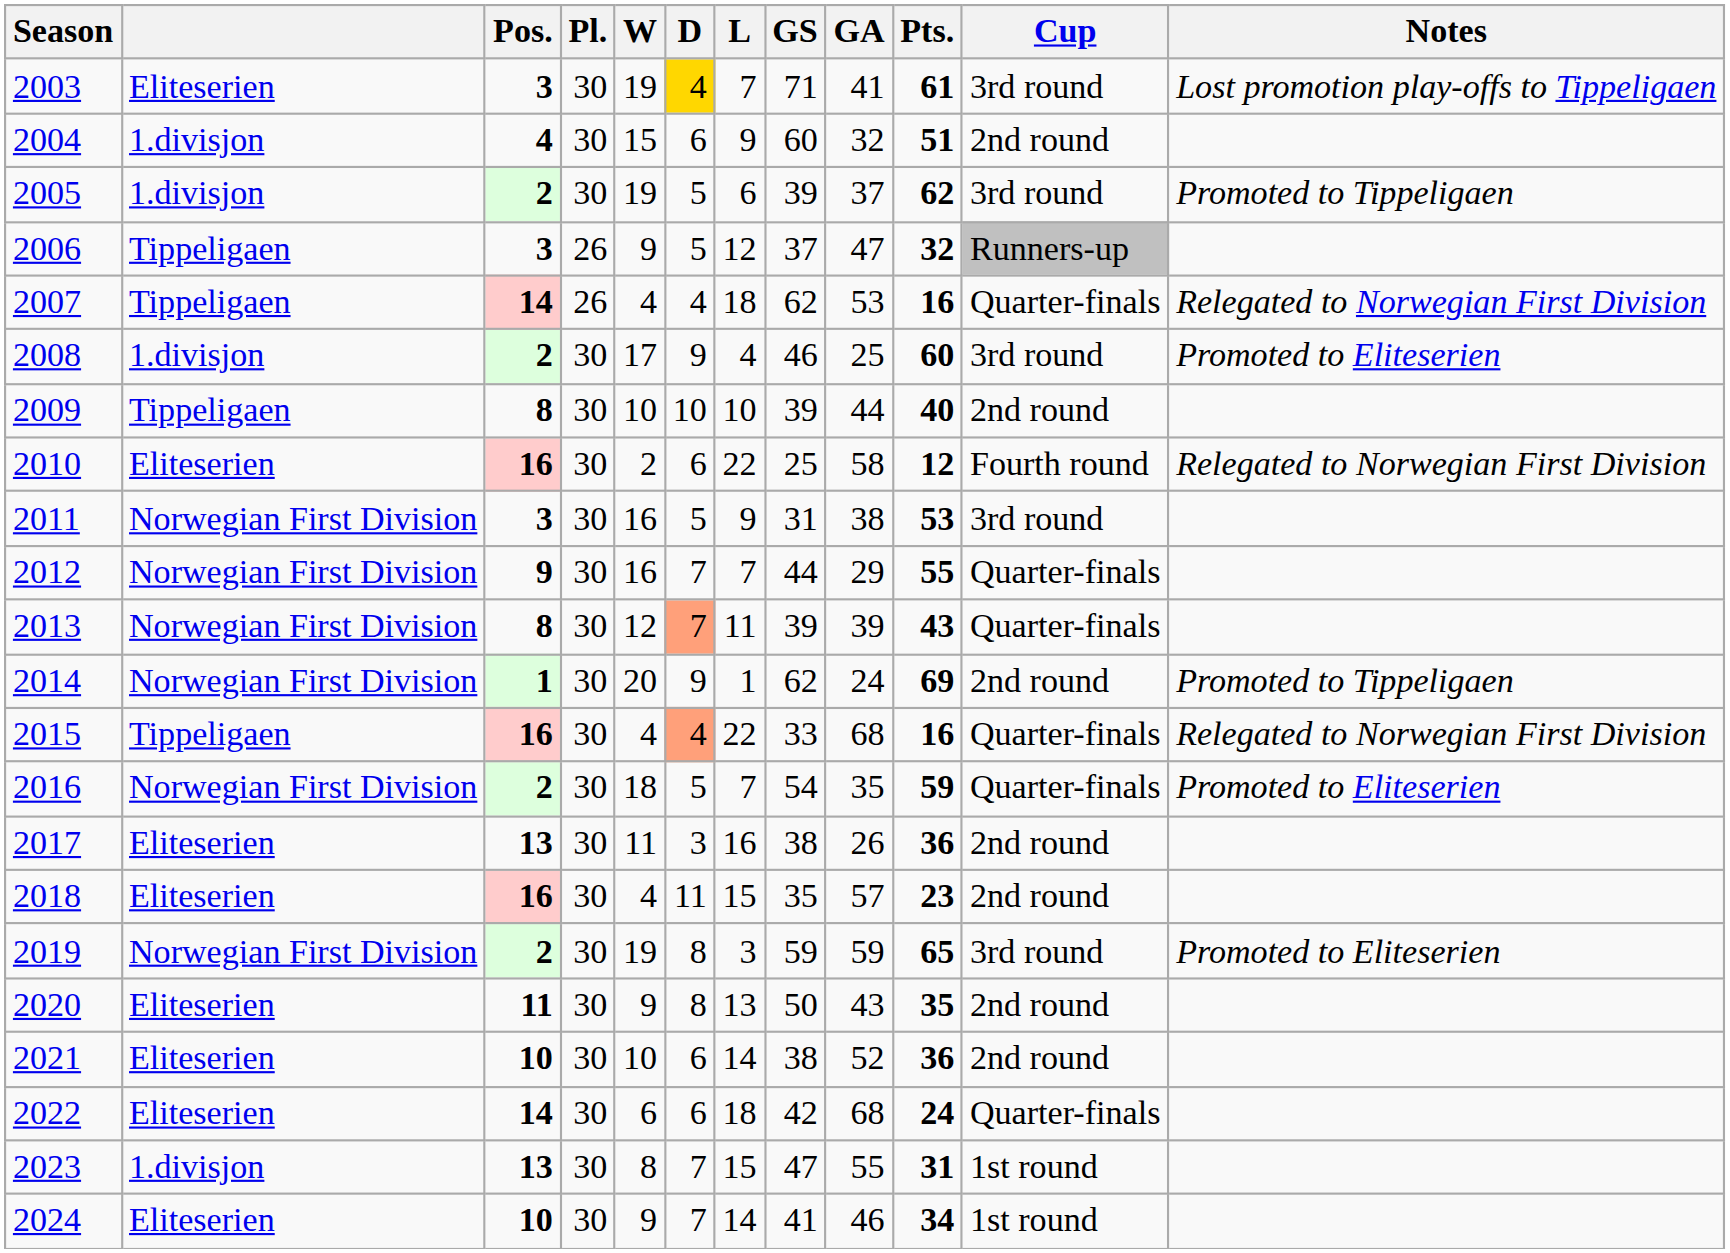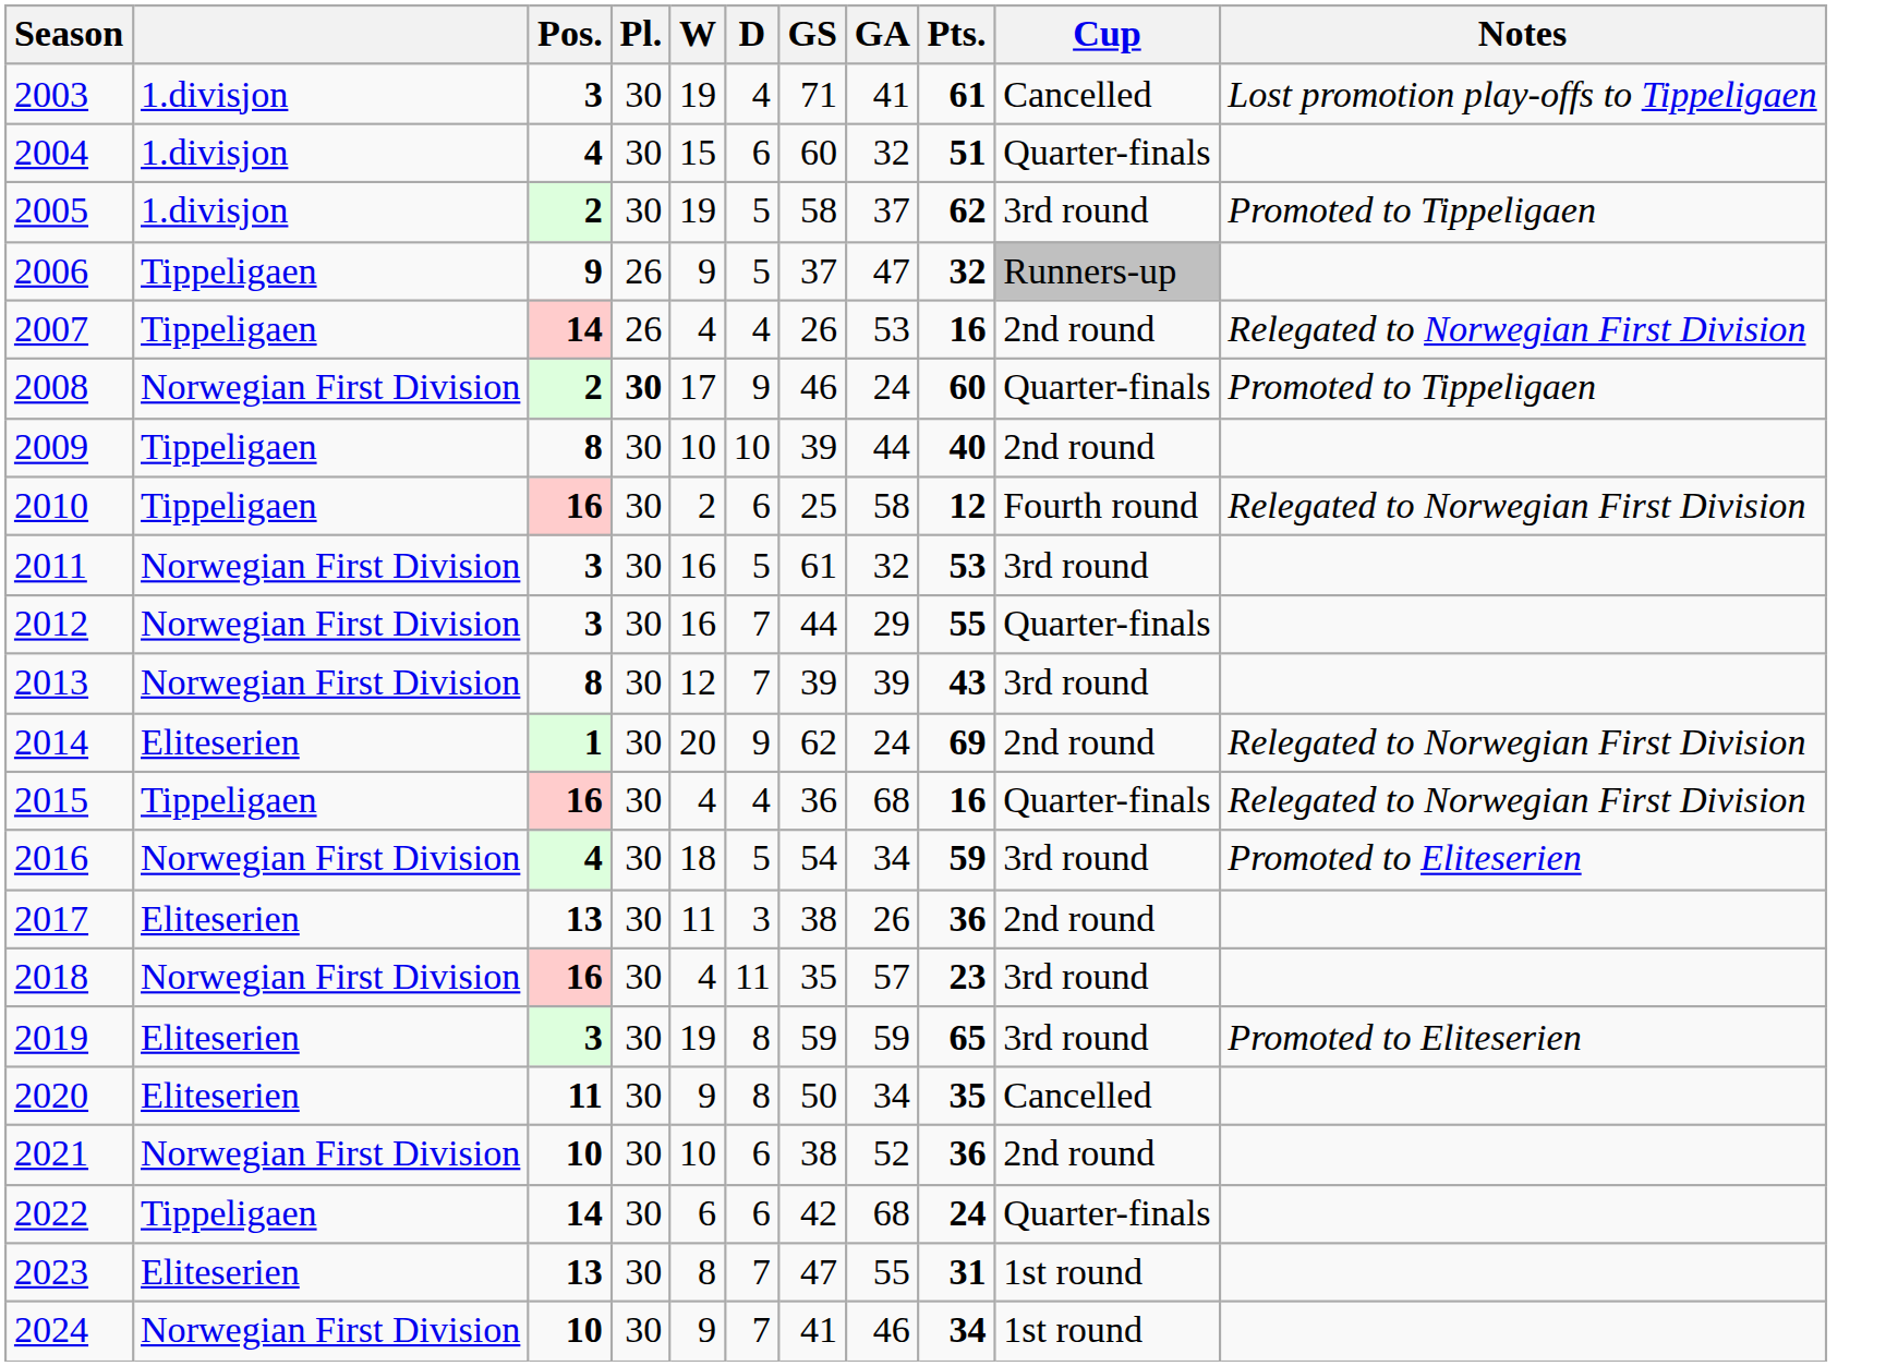 <table class="wikitable">
 <tr>
 <th>Season</th>
 <th></th>
 <th>Pos.</th>
 <th>Pl.</th>
 <th>W</th>
 <th>D</th>
-<th>L</th>
 <th>GS</th>
 <th>GA</th>
 <th>Pts.</th>
 <th><a href='#'>Cup</a></th>
 <th>Notes</th>
 </tr>
 <tr>
 <td><a href='#'>2003</a></td>
-<td><a href='#'>Eliteserien</a></td>
+<td><a href='#'>1.divisjon</a></td>
 <td align=right><strong>3</strong></td>
 <td align=right>30</td>
 <td align=right>19</td>
-<td align=right style="background: gold;">4</td>
-<td align=right>7</td>
+<td align=right>4</td>
 <td align=right>71</td>
 <td align=right>41</td>
 <td align=right><strong>61</strong></td>
-<td>3rd round</td>
+<td>Cancelled</td>
 <td><em>Lost promotion play-offs to <a href='#'>Tippeligaen</a></em></td>
 </tr>
 <tr>
 <td><a href='#'>2004</a></td>
 <td><a href='#'>1.divisjon</a></td>
 <td align=right><strong>4</strong></td>
 <td align=right>30</td>
 <td align=right>15</td>
 <td align=right>6</td>
-<td align=right>9</td>
 <td align=right>60</td>
 <td align=right>32</td>
 <td align=right><strong>51</strong></td>
-<td>2nd round</td>
+<td>Quarter-finals</td>
 <td></td>
 </tr>
 <tr>
 <td><a href='#'>2005</a></td>
 <td><a href='#'>1.divisjon</a></td>
 <td align=right bgcolor=#DDFFDD> <strong>2</strong></td>
 <td align=right>30</td>
 <td align=right>19</td>
 <td align=right>5</td>
-<td align=right>6</td>
-<td align=right>39</td>
+<td align=right>58</td>
 <td align=right>37</td>
 <td align=right><strong>62</strong></td>
 <td>3rd round</td>
 <td><em>Promoted to Tippeligaen</em></td>
 </tr>
 <tr>
 <td><a href='#'>2006</a></td>
 <td><a href='#'>Tippeligaen</a></td>
-<td align=right><strong>3</strong></td>
+<td align=right><strong>9</strong></td>
 <td align=right>26</td>
 <td align=right>9</td>
 <td align=right>5</td>
-<td align=right>12</td>
 <td align=right>37</td>
 <td align=right>47</td>
 <td align=right><strong>32</strong></td>
 <td bgcolor=silver>Runners-up</td>
 <td></td>
 </tr>
 <tr>
 <td><a href='#'>2007</a></td>
 <td><a href='#'>Tippeligaen</a></td>
 <td align=right bgcolor="#FFCCCC"> <strong>14</strong></td>
 <td align=right>26</td>
 <td align=right>4</td>
 <td align=right>4</td>
-<td align=right>18</td>
-<td align=right>62</td>
+<td align=right>26</td>
 <td align=right>53</td>
 <td align=right><strong>16</strong></td>
-<td>Quarter-finals</td>
+<td>2nd round</td>
 <td><em>Relegated to <a href='#'>Norwegian First Division</a></em></td>
 </tr>
 <tr>
 <td><a href='#'>2008</a></td>
-<td><a href='#'>1.divisjon</a></td>
+<td><a href='#'>Norwegian First Division</a></td>
 <td align=right bgcolor=#DDFFDD> <strong>2</strong></td>
-<td align=right>30</td>
+<td align=right><strong>30</strong></td>
 <td align=right>17</td>
 <td align=right>9</td>
-<td align=right>4</td>
 <td align=right>46</td>
-<td align=right>25</td>
+<td align=right>24</td>
 <td align=right><strong>60</strong></td>
-<td>3rd round</td>
-<td><em>Promoted to <a href='#'>Eliteserien</a></em></td>
+<td>Quarter-finals</td>
+<td><em>Promoted to Tippeligaen</em></td>
 </tr>
 <tr>
 <td><a href='#'>2009</a></td>
 <td><a href='#'>Tippeligaen</a></td>
 <td align=right><strong>8</strong></td>
 <td align=right>30</td>
-<td align=right>10</td>
 <td align=right>10</td>
 <td align=right>10</td>
 <td align=right>39</td>
 <td align=right>44</td>
 <td align=right><strong>40</strong></td>
 <td>2nd round</td>
 <td></td>
 </tr>
 <tr>
 <td><a href='#'>2010</a></td>
-<td><a href='#'>Eliteserien</a></td>
+<td><a href='#'>Tippeligaen</a></td>
 <td align=right bgcolor="#FFCCCC"> <strong>16</strong></td>
 <td align=right>30</td>
 <td align=right>2</td>
 <td align=right>6</td>
-<td align=right>22</td>
 <td align=right>25</td>
 <td align=right>58</td>
 <td align=right><strong>12</strong></td>
 <td>Fourth round</td>
 <td><em>Relegated to Norwegian First Division</em></td>
 </tr>
 <tr>
 <td><a href='#'>2011</a></td>
 <td><a href='#'>Norwegian First Division</a></td>
 <td align=right><strong>3</strong></td>
 <td align=right>30</td>
 <td align=right>16</td>
 <td align=right>5</td>
-<td align=right>9</td>
-<td align=right>31</td>
-<td align=right>38</td>
+<td align=right>61</td>
+<td align=right>32</td>
 <td align=right><strong>53</strong></td>
 <td>3rd round</td>
 <td></td>
 </tr>
 <tr>
 <td><a href='#'>2012</a></td>
 <td><a href='#'>Norwegian First Division</a></td>
-<td align=right><strong>9</strong></td>
+<td align=right><strong>3</strong></td>
 <td align=right>30</td>
 <td align=right>16</td>
-<td align=right>7</td>
 <td align=right>7</td>
 <td align=right>44</td>
 <td align=right>29</td>
 <td align=right><strong>55</strong></td>
 <td>Quarter-finals</td>
 <td></td>
 </tr>
 <tr>
 <td><a href='#'>2013</a></td>
 <td><a href='#'>Norwegian First Division</a></td>
 <td align=right><strong>8</strong></td>
 <td align=right>30</td>
 <td align=right>12</td>
-<td align=right style="background: lightsalmon;">7</td>
-<td align=right>11</td>
+<td align=right>7</td>
 <td align=right>39</td>
 <td align=right>39</td>
 <td align=right><strong>43</strong></td>
-<td>Quarter-finals</td>
+<td>3rd round</td>
 <td></td>
 </tr>
 <tr>
 <td><a href='#'>2014</a></td>
-<td><a href='#'>Norwegian First Division</a></td>
+<td><a href='#'>Eliteserien</a></td>
 <td align=right bgcolor=#DDFFDD> <strong>1</strong></td>
 <td align=right>30</td>
 <td align=right>20</td>
 <td align=right>9</td>
-<td align=right>1</td>
 <td align=right>62</td>
 <td align=right>24</td>
 <td align=right><strong>69</strong></td>
 <td>2nd round</td>
-<td><em>Promoted to Tippeligaen</em></td>
+<td><em>Relegated to Norwegian First Division</em></td>
 </tr>
 <tr>
 <td><a href='#'>2015</a></td>
 <td><a href='#'>Tippeligaen</a></td>
 <td align=right bgcolor="#FFCCCC"> <strong>16</strong></td>
 <td align=right>30</td>
 <td align=right>4</td>
-<td align=right style="background: lightsalmon;">4</td>
-<td align=right>22</td>
-<td align=right>33</td>
+<td align=right>4</td>
+<td align=right>36</td>
 <td align=right>68</td>
 <td align=right><strong>16</strong></td>
 <td>Quarter-finals</td>
 <td><em>Relegated to Norwegian First Division</em></td>
 </tr>
 <tr>
 <td><a href='#'>2016</a></td>
 <td><a href='#'>Norwegian First Division</a></td>
-<td align=right bgcolor=#DDFFDD> <strong>2</strong></td>
+<td align=right bgcolor=#DDFFDD> <strong>4</strong></td>
 <td align=right>30</td>
 <td align=right>18</td>
 <td align=right>5</td>
-<td align=right>7</td>
 <td align=right>54</td>
-<td align=right>35</td>
+<td align=right>34</td>
 <td align=right><strong>59</strong></td>
-<td>Quarter-finals</td>
+<td>3rd round</td>
 <td><em>Promoted to <a href='#'>Eliteserien</a></em></td>
 </tr>
 <tr>
 <td><a href='#'>2017</a></td>
 <td><a href='#'>Eliteserien</a></td>
 <td align=right><strong>13</strong></td>
 <td align=right>30</td>
 <td align=right>11</td>
 <td align=right>3</td>
-<td align=right>16</td>
 <td align=right>38</td>
 <td align=right>26</td>
 <td align=right><strong>36</strong></td>
 <td>2nd round</td>
 <td></td>
 </tr>
 <tr>
 <td><a href='#'>2018</a></td>
-<td><a href='#'>Eliteserien</a></td>
+<td><a href='#'>Norwegian First Division</a></td>
 <td align=right bgcolor="#FFCCCC"> <strong>16</strong></td>
 <td align=right>30</td>
 <td align=right>4</td>
 <td align=right>11</td>
-<td align=right>15</td>
 <td align=right>35</td>
 <td align=right>57</td>
 <td align=right><strong>23</strong></td>
-<td>2nd round</td>
+<td>3rd round</td>
 <td></td>
 </tr>
 <tr>
 <td><a href='#'>2019</a></td>
-<td><a href='#'>Norwegian First Division</a></td>
-<td align=right bgcolor=#DDFFDD> <strong>2</strong></td>
+<td><a href='#'>Eliteserien</a></td>
+<td align=right bgcolor=#DDFFDD> <strong>3</strong></td>
 <td align=right>30</td>
 <td align=right>19</td>
 <td align=right>8</td>
-<td align=right>3</td>
 <td align=right>59</td>
 <td align=right>59</td>
 <td align=right><strong>65</strong></td>
 <td>3rd round</td>
 <td><em>Promoted to Eliteserien</em></td>
 </tr>
 <tr>
 <td><a href='#'>2020</a></td>
 <td><a href='#'>Eliteserien</a></td>
 <td align=right><strong>11</strong></td>
 <td align=right>30</td>
 <td align=right>9</td>
 <td align=right>8</td>
-<td align=right>13</td>
 <td align=right>50</td>
-<td align=right>43</td>
+<td align=right>34</td>
 <td align=right><strong>35</strong></td>
-<td>2nd round</td>
+<td>Cancelled</td>
 <td></td>
 </tr>
 <tr>
 <td><a href='#'>2021</a></td>
-<td><a href='#'>Eliteserien</a></td>
+<td><a href='#'>Norwegian First Division</a></td>
 <td align=right><strong>10</strong></td>
 <td align=right>30</td>
 <td align=right>10</td>
 <td align=right>6</td>
-<td align=right>14</td>
 <td align=right>38</td>
 <td align=right>52</td>
 <td align=right><strong>36</strong></td>
 <td>2nd round</td>
 <td></td>
 </tr>
 <tr>
 <td><a href='#'>2022</a></td>
-<td><a href='#'>Eliteserien</a></td>
+<td><a href='#'>Tippeligaen</a></td>
 <td align=right><strong>14</strong></td>
 <td align=right>30</td>
 <td align=right>6</td>
 <td align=right>6</td>
-<td align=right>18</td>
 <td align=right>42</td>
 <td align=right>68</td>
 <td align=right><strong>24</strong></td>
 <td>Quarter-finals</td>
 <td></td>
 </tr>
 <tr>
 <td><a href='#'>2023</a></td>
-<td><a href='#'>1.divisjon</a></td>
+<td><a href='#'>Eliteserien</a></td>
 <td align=right><strong>13</strong></td>
 <td align=right>30</td>
 <td align=right>8</td>
 <td align=right>7</td>
-<td align=right>15</td>
 <td align=right>47</td>
 <td align=right>55</td>
 <td align=right><strong>31</strong></td>
 <td>1st round</td>
 <td></td>
 </tr>
 <tr>
 <td><a href='#'>2024</a></td>
-<td><a href='#'>Eliteserien</a></td>
+<td><a href='#'>Norwegian First Division</a></td>
 <td align=right><strong>10</strong></td>
 <td align=right>30</td>
 <td align=right>9</td>
 <td align=right>7</td>
-<td align=right>14</td>
 <td align=right>41</td>
 <td align=right>46</td>
 <td align=right><strong>34</strong></td>
 <td>1st round</td>
 <td></td>
 </tr>
 </table>
